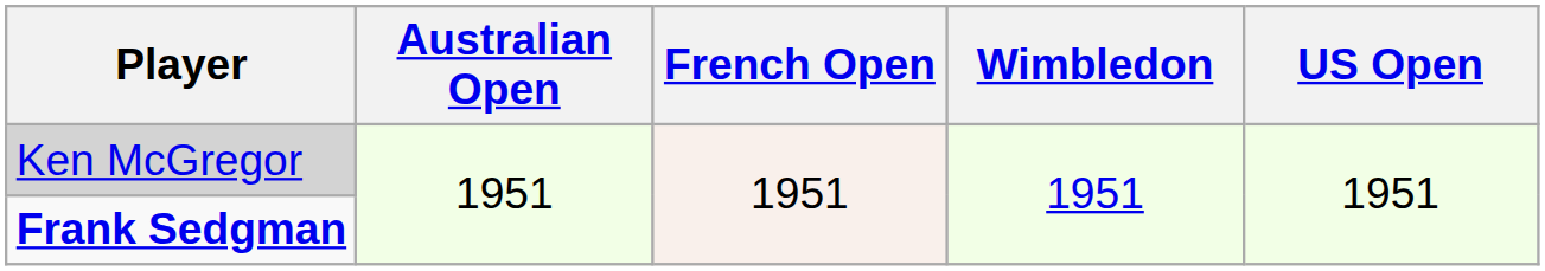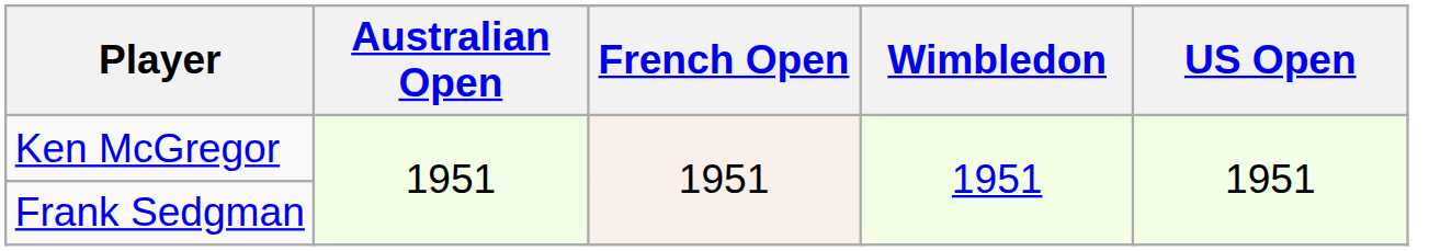 <table class="wikitable nowrap" style="text-align:center">
 <tr>
 <th>Player</th>
 <th width="100;"><a href='#'>Australian Open</a></th>
 <th width="100;"><a href='#'>French Open</a></th>
 <th width="100;"><a href='#'>Wimbledon</a></th>
 <th width="100;"><a href='#'>US Open</a></th>
 </tr>
 <tr>
-<td style="background: lightgrey; text-align: left;"> <a href='#'>Ken McGregor</a></td>
+<td style="text-align: left;"> <a href='#'>Ken McGregor</a></td>
 <td rowspan="2" style="background: #f2ffe6;">1951</td>
 <td rowspan="2" style="background: #f9f0eb;">1951</td>
 <td rowspan="2" style="background: #f2ffe6;"><a href='#'>1951</a></td>
 <td rowspan="2" style="background: #f2ffe6;">1951</td>
 </tr>
 <tr>
-<td style="text-align: left;"><strong> <a href='#'>Frank Sedgman</a></strong></td>
+<td style="text-align: left;"> <a href='#'>Frank Sedgman</a></td>
 </tr>
 </table>
